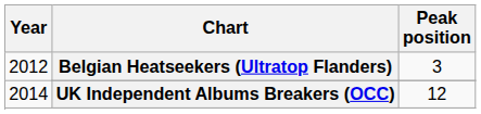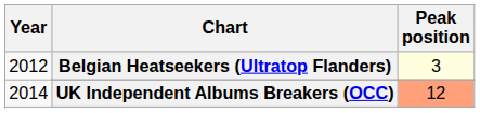 <table class="wikitable sortable plainrowheaders" style="text-align:center;">
 <tr>
 <th scope="col">Year</th>
 <th scope="col">Chart</th>
 <th scope="col">Peak<br>position</th>
 </tr>
 <tr>
 <td rowspan=4>2012</td>
 <th scope="row">Belgian Heatseekers (<a href='#'>Ultratop</a> Flanders)</th>
-<td>3</td>
+<td style="background: lightyellow;">3</td>
 </tr>
 <tr>
 </tr>
 <tr>
 </tr>
 <tr>
 </tr>
 <tr>
 <td rowspan=4>2014<br></td>
 </tr>
 <tr>
 <th scope="row">UK Independent Albums Breakers (<a href='#'>OCC</a>)</th>
-<td>12</td>
+<td style="background: lightsalmon;">12</td>
 </tr>
 <tr>
 </tr>
 </table>
